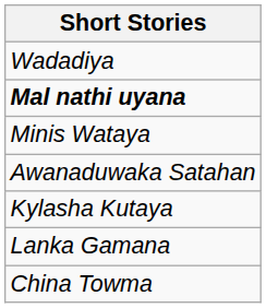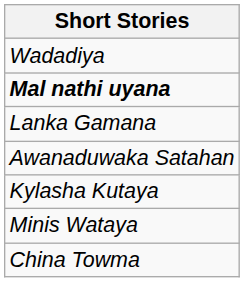 <table class="wikitable" border="1">
 <tr>
 <th>Short Stories</th>
 </tr>
 <tr>
 <td><em>Wadadiya</em></td>
 </tr>
 <tr>
 <td><strong><em>Mal nathi uyana</em></strong></td>
 </tr>
 <tr>
-<td><em>Minis Wataya</em></td>
+<td><em>Lanka Gamana</em></td>
 </tr>
 <tr>
 <td><em>Awanaduwaka Satahan</em></td>
 </tr>
 <tr>
 <td><em>Kylasha Kutaya</em></td>
 </tr>
 <tr>
-<td><em>Lanka Gamana</em></td>
+<td><em>Minis Wataya</em></td>
 </tr>
 <tr>
 <td><em>China Towma</em></td>
 </tr>
 </table>
